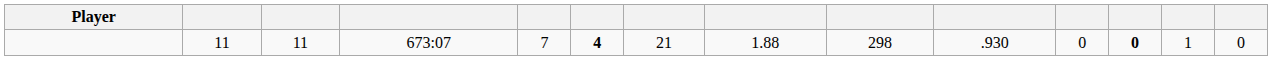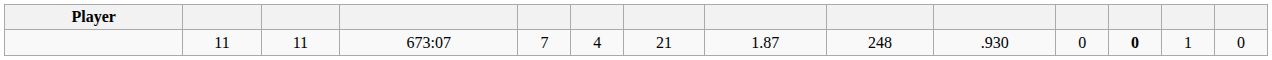 <table class="wikitable sortable" style="width:100%;">
 <tr style="text-align:center; background:#ddd;">
 <th>Player</th>
 <th></th>
 <th></th>
 <th></th>
 <th></th>
 <th></th>
 <th></th>
 <th></th>
 <th></th>
 <th></th>
 <th></th>
 <th></th>
 <th></th>
 <th></th>
 </tr>
 <tr align=center>
 <td></td>
 <td>11</td>
 <td>11</td>
 <td>673:07</td>
 <td>7</td>
-<td><strong>4</strong></td>
+<td>4</td>
 <td>21</td>
-<td>1.88</td>
-<td>298</td>
+<td>1.87</td>
+<td>248</td>
 <td>.930</td>
 <td>0</td>
 <td><strong>0</strong></td>
 <td>1</td>
 <td>0</td>
 </tr>
 </table>
